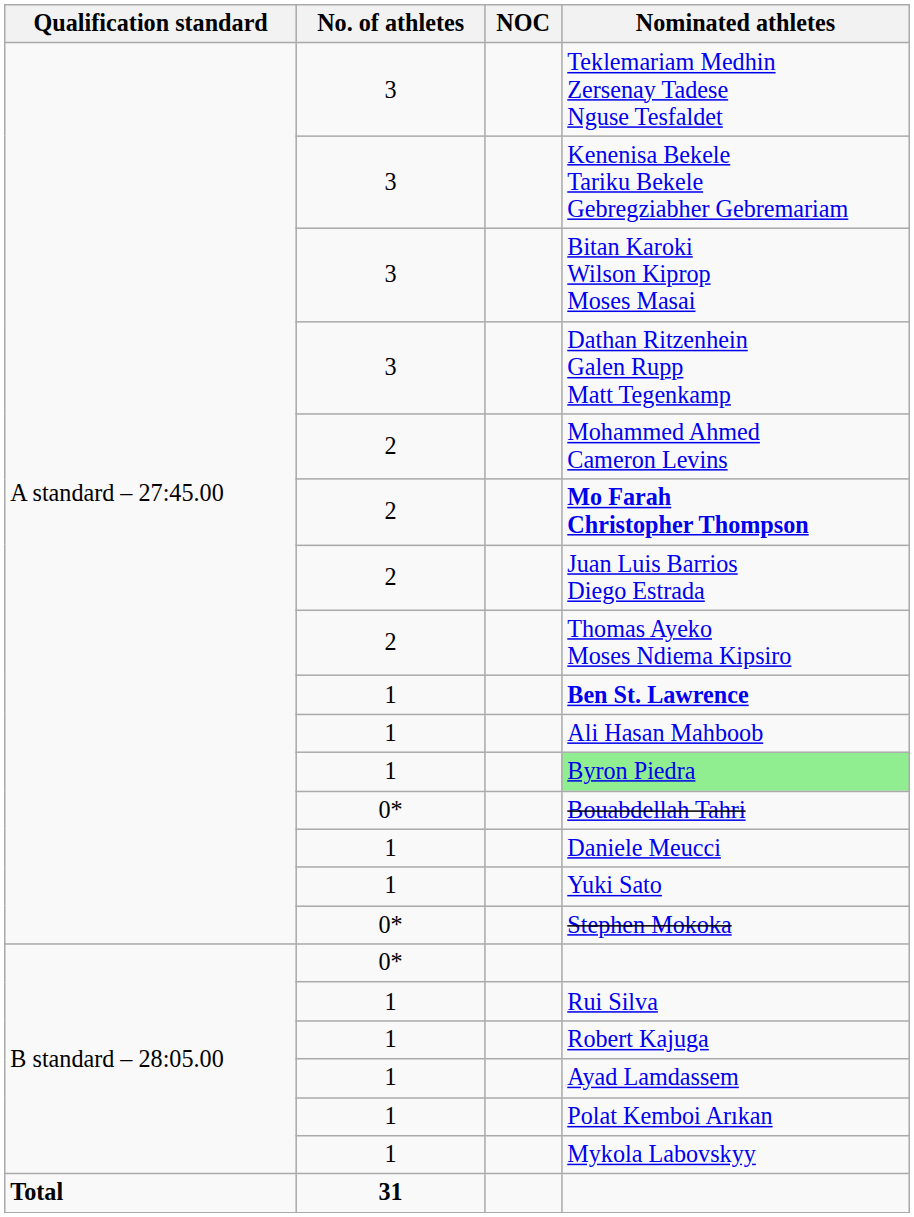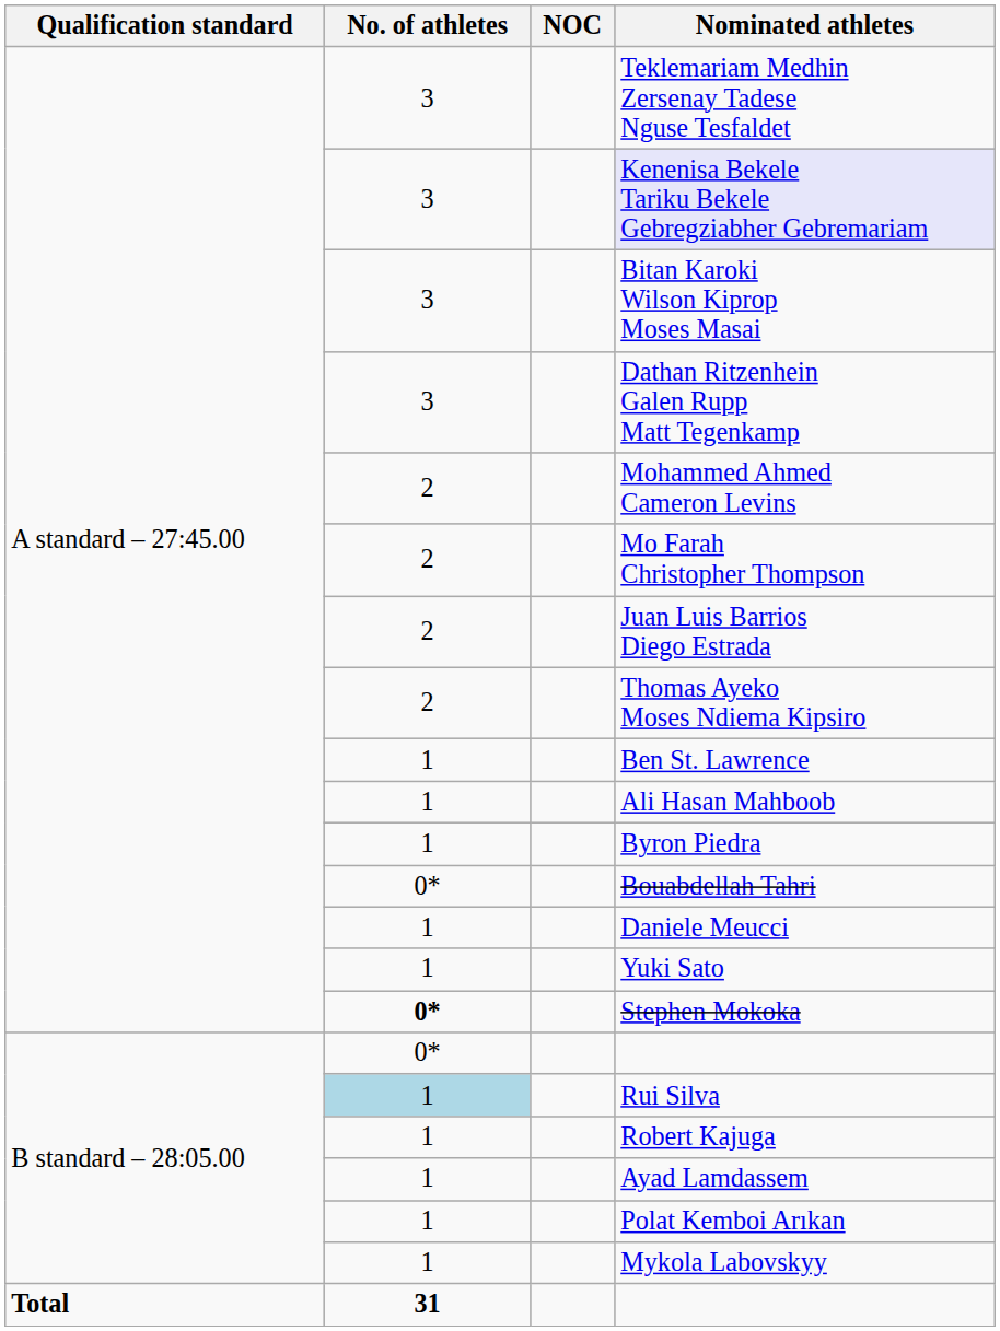 <table class="wikitable"  style="text-align:left; width:600px;">
 <tr>
 <th>Qualification standard</th>
 <th>No. of athletes</th>
 <th>NOC</th>
 <th>Nominated athletes</th>
 </tr>
 <tr>
 <td rowspan="15">A standard – 27:45.00</td>
 <td align=center>3</td>
 <td></td>
 <td><a href='#'>Teklemariam Medhin</a><br><a href='#'>Zersenay Tadese</a><br><a href='#'>Nguse Tesfaldet</a></td>
 </tr>
 <tr>
 <td align=center>3</td>
 <td></td>
-<td><a href='#'>Kenenisa Bekele</a><br><a href='#'>Tariku Bekele</a><br><a href='#'>Gebregziabher Gebremariam</a></td>
+<td style="background: lavender;"><a href='#'>Kenenisa Bekele</a><br><a href='#'>Tariku Bekele</a><br><a href='#'>Gebregziabher Gebremariam</a></td>
 </tr>
 <tr>
 <td align=center>3</td>
 <td></td>
 <td><a href='#'>Bitan Karoki</a> <br> <a href='#'>Wilson Kiprop</a> <br> <a href='#'>Moses Masai</a></td>
 </tr>
 <tr>
 <td align=center>3</td>
 <td></td>
 <td><a href='#'>Dathan Ritzenhein</a><br><a href='#'>Galen Rupp</a><br><a href='#'>Matt Tegenkamp</a></td>
 </tr>
 <tr>
 <td align=center>2</td>
 <td></td>
 <td><a href='#'>Mohammed Ahmed</a><br><a href='#'>Cameron Levins</a></td>
 </tr>
 <tr>
 <td align=center>2</td>
 <td></td>
-<td><strong><a href='#'>Mo Farah</a><br><a href='#'>Christopher Thompson</a></strong></td>
+<td><a href='#'>Mo Farah</a><br><a href='#'>Christopher Thompson</a></td>
 </tr>
 <tr>
 <td align=center>2</td>
 <td></td>
 <td><a href='#'>Juan Luis Barrios</a><br><a href='#'>Diego Estrada</a></td>
 </tr>
 <tr>
 <td align=center>2</td>
 <td></td>
 <td><a href='#'>Thomas Ayeko</a><br><a href='#'>Moses Ndiema Kipsiro</a></td>
 </tr>
 <tr>
 <td align=center>1</td>
 <td></td>
-<td><strong><a href='#'>Ben St. Lawrence</a></strong></td>
+<td><a href='#'>Ben St. Lawrence</a></td>
 </tr>
 <tr>
 <td align=center>1</td>
 <td></td>
 <td><a href='#'>Ali Hasan Mahboob</a></td>
 </tr>
 <tr>
 <td align=center>1</td>
 <td></td>
-<td style="background: lightgreen;"><a href='#'>Byron Piedra</a></td>
+<td><a href='#'>Byron Piedra</a></td>
 </tr>
 <tr>
 <td align=center>0*</td>
 <td></td>
 <td><s><a href='#'>Bouabdellah Tahri</a></s></td>
 </tr>
 <tr>
 <td align=center>1</td>
 <td></td>
 <td><a href='#'>Daniele Meucci</a></td>
 </tr>
 <tr>
 <td align=center>1</td>
 <td></td>
 <td><a href='#'>Yuki Sato</a></td>
 </tr>
 <tr>
-<td align=center>0*</td>
+<td align=center><strong>0*</strong></td>
 <td></td>
 <td><s><a href='#'>Stephen Mokoka</a></s></td>
 </tr>
 <tr>
 <td rowspan="6">B standard – 28:05.00</td>
 <td align=center>0*</td>
 <td><s></s></td>
 </tr>
 <tr>
-<td align=center>1</td>
+<td align=center style="background: lightblue;">1</td>
 <td></td>
 <td><a href='#'>Rui Silva</a></td>
 </tr>
 <tr>
 <td align=center>1</td>
 <td></td>
 <td><a href='#'>Robert Kajuga</a></td>
 </tr>
 <tr>
 <td align=center>1</td>
 <td></td>
 <td><a href='#'>Ayad Lamdassem</a></td>
 </tr>
 <tr>
 <td align=center>1</td>
 <td></td>
 <td><a href='#'>Polat Kemboi Arıkan</a></td>
 </tr>
 <tr>
 <td align=center>1</td>
 <td></td>
 <td><a href='#'>Mykola Labovskyy</a></td>
 </tr>
 <tr>
 <td><strong>Total</strong></td>
 <td align=center><strong>31</strong></td>
 <td></td>
 <td></td>
 </tr>
 </table>
